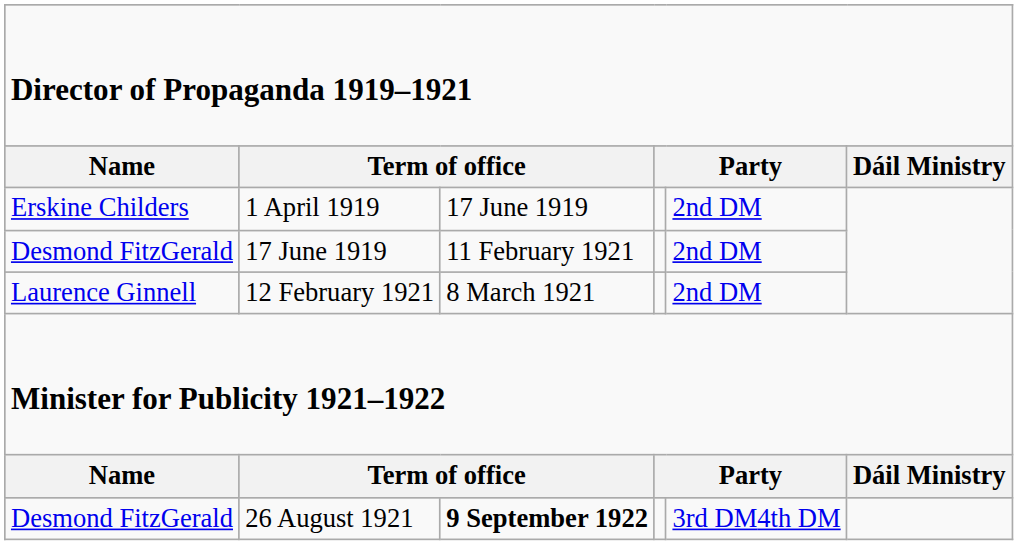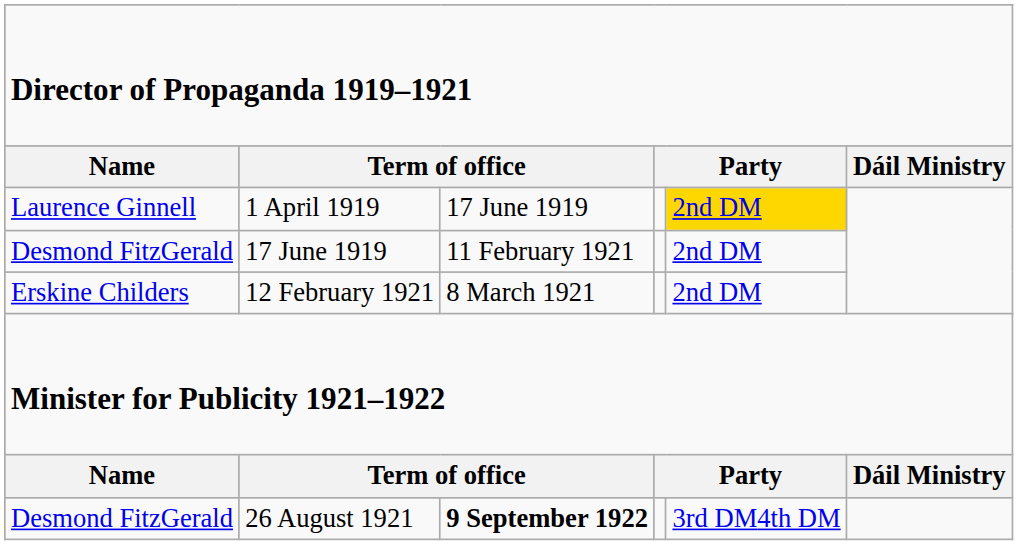 <table class="wikitable">
 <tr>
 <td colspan="7"><br><h3>Director of Propaganda 1919–1921</h3></td>
 </tr>
 <tr>
 <th>Name</th>
 <th colspan="2">Term of office</th>
 <th colspan="2">Party</th>
 <th>Dáil Ministry</th>
 </tr>
 <tr>
-<td><a href='#'>Erskine Childers</a></td>
+<td><a href='#'>Laurence Ginnell</a></td>
 <td>1 April 1919</td>
 <td>17 June 1919</td>
 <td></td>
-<td><a href='#'>2nd DM</a></td>
+<td style="background: gold;"><a href='#'>2nd DM</a></td>
 </tr>
 <tr>
 <td><a href='#'>Desmond FitzGerald</a></td>
 <td>17 June 1919</td>
 <td>11 February 1921</td>
 <td></td>
 <td><a href='#'>2nd DM</a></td>
 </tr>
 <tr>
-<td><a href='#'>Laurence Ginnell</a></td>
+<td><a href='#'>Erskine Childers</a></td>
 <td>12 February 1921</td>
 <td>8 March 1921</td>
 <td></td>
 <td><a href='#'>2nd DM</a></td>
 </tr>
 <tr>
 <td colspan="7"><br><h3>Minister for Publicity 1921–1922</h3></td>
 </tr>
 <tr>
 <th>Name</th>
 <th colspan="2">Term of office</th>
 <th colspan="2">Party</th>
 <th>Dáil Ministry</th>
 </tr>
 <tr>
 <td><a href='#'>Desmond FitzGerald</a></td>
 <td>26 August 1921</td>
 <td><strong>9 September 1922</strong></td>
 <td></td>
 <td><a href='#'>3rd DM</a><a href='#'>4th DM</a></td>
 </tr>
 </table>
